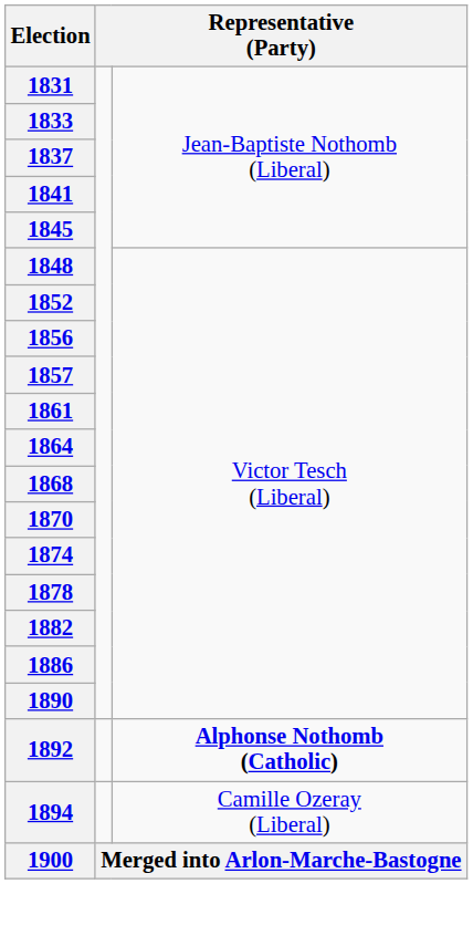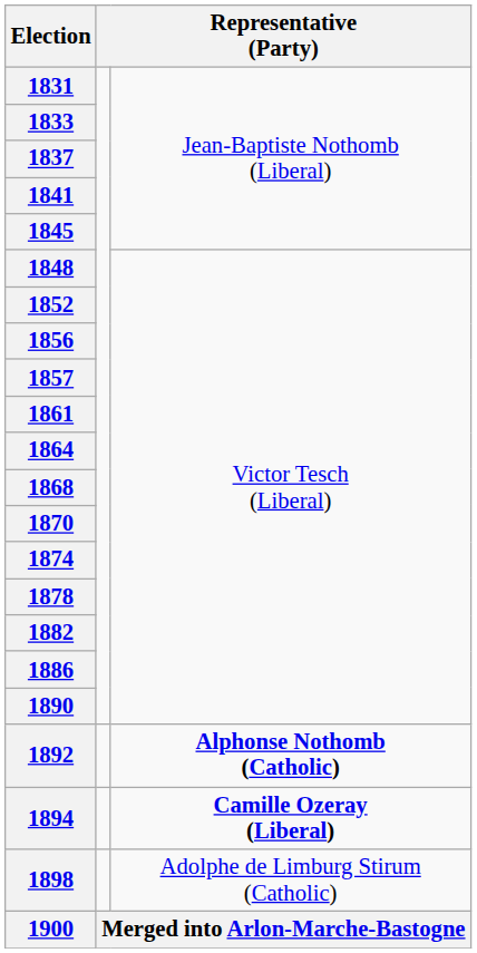 <table class="wikitable" style="text-align:center">
 <tr>
 <th>Election</th>
 <th colspan=2>Representative<br>(Party)</th>
 </tr>
 <tr>
 <th><a href='#'>1831</a></th>
 <td rowspan=18; style="background-color: "></td>
 <td rowspan=5><a href='#'>Jean-Baptiste Nothomb</a><br>(<a href='#'>Liberal</a>)</td>
 </tr>
 <tr>
 <th><a href='#'>1833</a></th>
 </tr>
 <tr>
 <th><a href='#'>1837</a></th>
 </tr>
 <tr>
 <th><a href='#'>1841</a></th>
 </tr>
 <tr>
 <th><a href='#'>1845</a></th>
 </tr>
 <tr>
 <th><a href='#'>1848</a></th>
 <td rowspan=13><a href='#'>Victor Tesch</a><br>(<a href='#'>Liberal</a>)</td>
 </tr>
 <tr>
 <th><a href='#'>1852</a></th>
 </tr>
 <tr>
 <th><a href='#'>1856</a></th>
 </tr>
 <tr>
 <th><a href='#'>1857</a></th>
 </tr>
 <tr>
 <th><a href='#'>1861</a></th>
 </tr>
 <tr>
 <th><a href='#'>1864</a></th>
 </tr>
 <tr>
 <th><a href='#'>1868</a></th>
 </tr>
 <tr>
 <th><a href='#'>1870</a></th>
 </tr>
 <tr>
 <th><a href='#'>1874</a></th>
 </tr>
 <tr>
 <th><a href='#'>1878</a></th>
 </tr>
 <tr>
 <th><a href='#'>1882</a></th>
 </tr>
 <tr>
 <th><a href='#'>1886</a></th>
 </tr>
 <tr>
 <th><a href='#'>1890</a></th>
 </tr>
 <tr>
 <th><a href='#'>1892</a></th>
 <td rowspan=1; style="background-color: "></td>
 <td rowspan=1><strong><a href='#'>Alphonse Nothomb</a><br>(<a href='#'>Catholic</a>)</strong></td>
 </tr>
 <tr>
 <th><a href='#'>1894</a></th>
 <td rowspan=1; style="background-color: "></td>
-<td rowspan=1><a href='#'>Camille Ozeray</a><br>(<a href='#'>Liberal</a>)</td>
+<td rowspan=1><strong><a href='#'>Camille Ozeray</a><br>(<a href='#'>Liberal</a>)</strong></td>
+</tr>
+<tr>
+<th><a href='#'>1898</a></th>
+<td rowspan=1; style="background-color: "></td>
+<td rowspan=1><a href='#'>Adolphe de Limburg Stirum</a><br>(<a href='#'>Catholic</a>)</td>
 </tr>
 <tr>
 <th><a href='#'>1900</a></th>
 <th colspan=2>Merged into <a href='#'>Arlon-Marche-Bastogne</a></th>
 </tr>
 </table>
